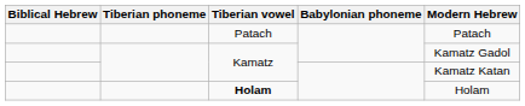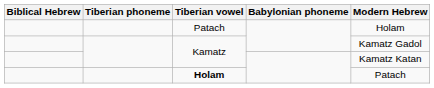 <table class="wikitable">
 <tr>
 <th>Biblical Hebrew</th>
 <th>Tiberian phoneme</th>
 <th>Tiberian vowel</th>
 <th>Babylonian phoneme</th>
 <th>Modern Hebrew</th>
 </tr>
 <tr>
 <td style="text-align: center;"></td>
 <td style="text-align: center;"></td>
 <td style="text-align: center;">Patach</td>
 <td rowspan="2" style="text-align: center;"></td>
-<td style="text-align: center;">Patach</td>
+<td style="text-align: center;">Holam</td>
 </tr>
 <tr>
 <td style="text-align: center;"></td>
 <td rowspan="2" style="text-align: center; valign:center;"></td>
 <td rowspan="2" style="text-align: center; valign:center;">Kamatz</td>
 <td style="text-align: center;">Kamatz Gadol</td>
 </tr>
 <tr>
 <td style="text-align: center;"></td>
 <td rowspan="2" style="text-align: center; valign:center;"></td>
 <td style="text-align: center;">Kamatz Katan</td>
 </tr>
 <tr>
 <td style="text-align: center;"></td>
 <td style="text-align: center;"></td>
 <td style="text-align: center;"><strong>Holam</strong></td>
-<td style="text-align: center;">Holam</td>
+<td style="text-align: center;">Patach</td>
 </tr>
 </table>
